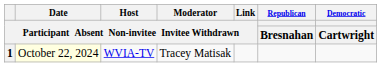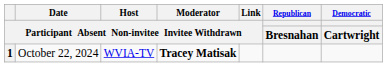 <table class="wikitable" style="text-align:center;">
 <tr style="font-size:small;">
 <th scope="col"></th>
 <th scope="col">Date</th>
 <th scope="col">Host</th>
 <th scope="col">Moderator</th>
 <th scope="col">Link</th>
 <th scope="col"><small><a href='#'>Republican</a></small></th>
 <th scope="col"><small><a href='#'>Democratic</a></small></th>
 </tr>
 <tr>
 <th colspan="5" rowspan="2"> <small>Participant </small>  <small>Absent </small>  <small>Non-invitee </small>  <small>Invitee  Withdrawn</small></th>
 <th scope="col" style="background:"></th>
 <th scope="col" style="background:"></th>
 </tr>
 <tr>
 <th scope="col">Bresnahan</th>
 <th scope="col">Cartwright</th>
 </tr>
 <tr>
 <th scope="row">1</th>
-<td style="background: lightyellow; white-space:nowrap;">October 22, 2024</td>
+<td style="white-space:nowrap;">October 22, 2024</td>
 <td style="white-space:nowrap;"><a href='#'>WVIA-TV</a></td>
-<td style="white-space:nowrap;">Tracey Matisak</td>
+<td style="white-space:nowrap;"><strong>Tracey Matisak</strong></td>
 <td style="white-space:nowrap;"></td>
 <td></td>
 <td></td>
 </tr>
 </table>
